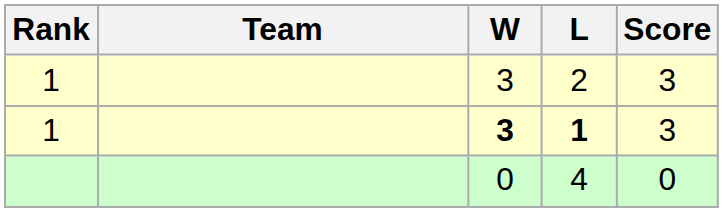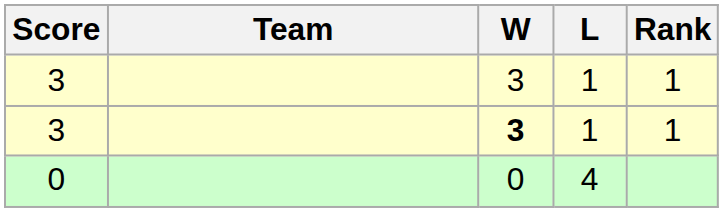 <table class="wikitable Sortable" style="text-align:center">
 <tr>
-<th width=30>Rank</th>
+<th width=30>Score</th>
 <th width=180>Team</th>
 <th width=30>W</th>
 <th width=30>L</th>
-<th width=30>Score</th>
+<th width=30>Rank</th>
 </tr>
 <tr bgcolor="#ffffcc">
-<td>1</td>
+<td>3</td>
 <td style="text-align:left;"> </td>
 <td>3</td>
-<td>2</td>
-<td>3</td>
+<td>1</td>
+<td>1</td>
 </tr>
 <tr bgcolor="#ffffcc">
-<td>1</td>
+<td>3</td>
 <td style="text-align:left;"> </td>
 <td><strong>3</strong></td>
-<td><strong>1</strong></td>
-<td>3</td>
+<td>1</td>
+<td>1</td>
 </tr>
 <tr bgcolor="ccffcc">
-<td></td>
+<td>0</td>
 <td style="text-align:left;"> </td>
 <td>0</td>
 <td>4</td>
-<td>0</td>
+<td></td>
 </tr>
 </table>
